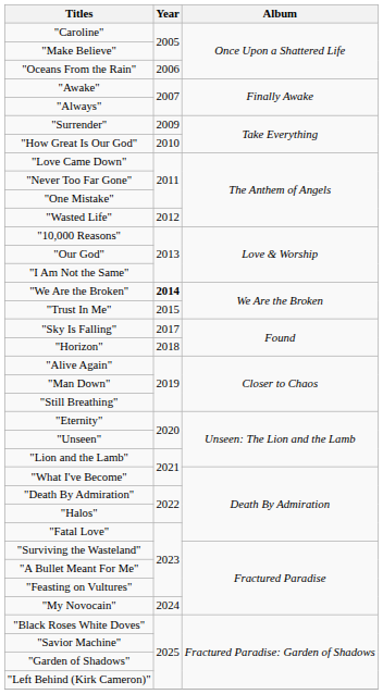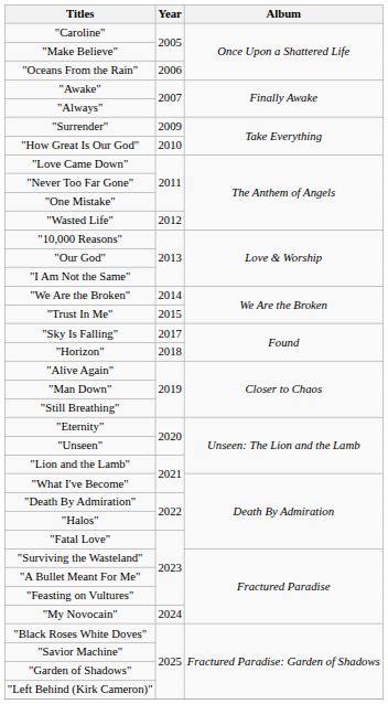 <table class="wikitable" style="text-align:center;">
 <tr>
 <th>Titles</th>
 <th>Year</th>
 <th>Album</th>
 </tr>
 <tr>
 <td>"Caroline"</td>
 <td rowspan="2">2005</td>
 <td rowspan="3"><em>Once Upon a Shattered Life</em></td>
 </tr>
 <tr>
 <td>"Make Believe"</td>
 </tr>
 <tr>
 <td>"Oceans From the Rain"</td>
 <td>2006</td>
 </tr>
 <tr>
 <td>"Awake"</td>
 <td rowspan="2">2007</td>
 <td rowspan="2"><em>Finally Awake</em></td>
 </tr>
 <tr>
 <td>"Always"</td>
 </tr>
 <tr>
 <td>"Surrender"</td>
 <td>2009</td>
 <td rowspan="2"><em>Take Everything</em></td>
 </tr>
 <tr>
 <td>"How Great Is Our God"</td>
 <td>2010</td>
 </tr>
 <tr>
 <td>"Love Came Down"</td>
 <td rowspan="3">2011</td>
 <td rowspan="4"><em>The Anthem of Angels</em></td>
 </tr>
 <tr>
 <td>"Never Too Far Gone"</td>
 </tr>
 <tr>
 <td>"One Mistake"</td>
 </tr>
 <tr>
 <td>"Wasted Life"</td>
 <td>2012</td>
 </tr>
 <tr>
 <td>"10,000 Reasons"</td>
 <td rowspan="3">2013</td>
 <td rowspan="3"><em>Love & Worship</em></td>
 </tr>
 <tr>
 <td>"Our God"</td>
 </tr>
 <tr>
 <td>"I Am Not the Same"</td>
 </tr>
 <tr>
 <td>"We Are the Broken"</td>
-<td><strong>2014</strong></td>
+<td>2014</td>
 <td rowspan="2"><em>We Are the Broken</em></td>
 </tr>
 <tr>
 <td>"Trust In Me"</td>
 <td>2015</td>
 </tr>
 <tr>
 <td>"Sky Is Falling"</td>
 <td>2017</td>
 <td rowspan="2"><em>Found</em></td>
 </tr>
 <tr>
 <td>"Horizon"</td>
 <td>2018</td>
 </tr>
 <tr>
 <td>"Alive Again"</td>
 <td rowspan="3">2019</td>
 <td rowspan="3"><em>Closer to Chaos</em></td>
 </tr>
 <tr>
 <td>"Man Down"</td>
 </tr>
 <tr>
 <td>"Still Breathing"</td>
 </tr>
 <tr>
 <td>"Eternity"</td>
 <td rowspan="2">2020</td>
 <td rowspan="3"><em>Unseen: The Lion and the Lamb</em></td>
 </tr>
 <tr>
 <td>"Unseen"</td>
 </tr>
 <tr>
 <td>"Lion and the Lamb"</td>
 <td rowspan="2">2021</td>
 </tr>
 <tr>
 <td>"What I've Become"</td>
 <td rowspan="4"><em>Death By Admiration</em></td>
 </tr>
 <tr>
 <td>"Death By Admiration" </td>
 <td rowspan="2">2022</td>
 </tr>
 <tr>
 <td>"Halos"</td>
 </tr>
 <tr>
 <td>"Fatal Love"</td>
 <td rowspan="4">2023</td>
 </tr>
 <tr>
 <td>"Surviving the Wasteland"</td>
 <td rowspan="4"><em>Fractured Paradise</em></td>
 </tr>
 <tr>
 <td>"A Bullet Meant For Me"</td>
 </tr>
 <tr>
 <td>"Feasting on Vultures" </td>
 </tr>
 <tr>
 <td>"My Novocain"</td>
 <td>2024</td>
 </tr>
 <tr>
 <td>"Black Roses White Doves"</td>
 <td rowspan="4">2025</td>
 <td rowspan="4"><em>Fractured Paradise: Garden of Shadows</em></td>
 </tr>
 <tr>
 <td>"Savior Machine"</td>
 </tr>
 <tr>
 <td>"Garden of Shadows"</td>
 </tr>
 <tr>
 <td>"Left Behind (Kirk Cameron)"</td>
 </tr>
 <tr>
 </tr>
 </table>
